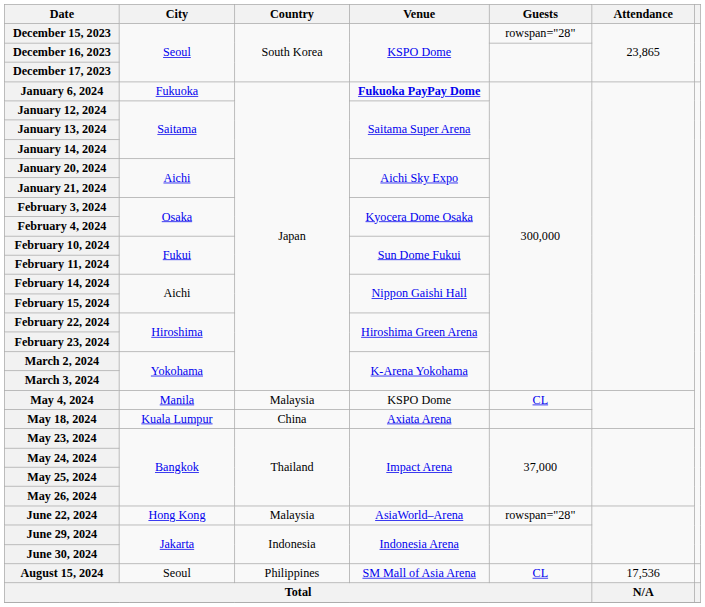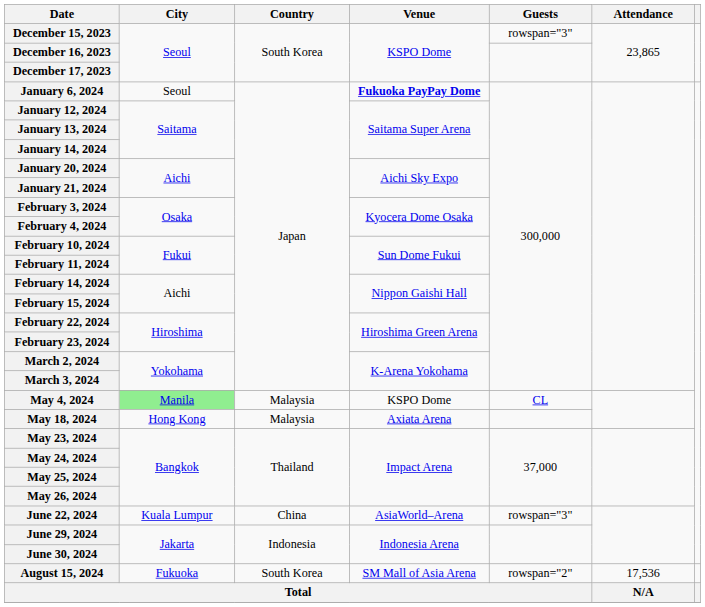 <table class="wikitable sortable plainrowheaders" style="text-align:center;">
 <tr>
 <th style="width:9em;">Date</th>
 <th style="width:9em;">City</th>
 <th style="width:9em;">Country</th>
 <th style="width:11em;">Venue</th>
 <th style="width:8em;">Guests</th>
 <th style="width:8em;">Attendance</th>
 <th scope="col" class="unsortable"></th>
 </tr>
 <tr>
 <th scope="row" style="text-align:center">December 15, 2023</th>
 <td rowspan="3"><a href='#'>Seoul</a></td>
 <td rowspan="3">South Korea</td>
 <td rowspan="3"><a href='#'>KSPO Dome</a></td>
-<td>rowspan="28" </td>
+<td>rowspan="3" </td>
 <td rowspan="3">23,865</td>
 <td rowspan="3"></td>
 </tr>
 <tr>
 <th scope="row" style="text-align:center">December 16, 2023</th>
 </tr>
 <tr>
 <th scope="row" style="text-align:center">December 17, 2023</th>
 </tr>
 <tr>
 <th scope="row" style="text-align:center">January 6, 2024</th>
-<td><a href='#'>Fukuoka</a></td>
+<td>Seoul</td>
 <td rowspan="16">Japan</td>
 <td><strong><a href='#'>Fukuoka PayPay Dome</a></strong></td>
 <td rowspan="16">300,000</td>
 <td rowspan="16"></td>
 </tr>
 <tr>
 <th scope="row" style="text-align:center">January 12, 2024</th>
 <td rowspan="3"><a href='#'>Saitama</a></td>
 <td rowspan="3"><a href='#'>Saitama Super Arena</a></td>
 </tr>
 <tr>
 <th scope="row" style="text-align:center">January 13, 2024</th>
 </tr>
 <tr>
 <th scope="row" style="text-align:center">January 14, 2024</th>
 </tr>
 <tr>
 <th scope="row" style="text-align:center">January 20, 2024</th>
 <td rowspan="2"><a href='#'>Aichi</a></td>
 <td rowspan="2"><a href='#'>Aichi Sky Expo</a></td>
 </tr>
 <tr>
 <th scope="row" style="text-align:center">January 21, 2024</th>
 </tr>
 <tr>
 <th scope="row" style="text-align:center">February 3, 2024</th>
 <td rowspan="2"><a href='#'>Osaka</a></td>
 <td rowspan="2"><a href='#'>Kyocera Dome Osaka</a></td>
 </tr>
 <tr>
 <th scope="row" style="text-align:center">February 4, 2024</th>
 </tr>
 <tr>
 <th scope="row" style="text-align:center">February 10, 2024</th>
 <td rowspan="2"><a href='#'>Fukui</a></td>
 <td rowspan="2"><a href='#'>Sun Dome Fukui</a></td>
 </tr>
 <tr>
 <th scope="row" style="text-align:center">February 11, 2024</th>
 </tr>
 <tr>
 <th scope="row" style="text-align:center">February 14, 2024</th>
 <td rowspan="2">Aichi</td>
 <td rowspan="2"><a href='#'>Nippon Gaishi Hall</a></td>
 </tr>
 <tr>
 <th scope="row" style="text-align:center">February 15, 2024</th>
 </tr>
 <tr>
 <th scope="row" style="text-align:center">February 22, 2024</th>
 <td rowspan="2"><a href='#'>Hiroshima</a></td>
 <td rowspan="2"><a href='#'>Hiroshima Green Arena</a></td>
 </tr>
 <tr>
 <th scope="row" style="text-align:center">February 23, 2024</th>
 </tr>
 <tr>
 <th scope="row" style="text-align:center">March 2, 2024</th>
 <td rowspan="2"><a href='#'>Yokohama</a></td>
 <td rowspan="2"><a href='#'>K-Arena Yokohama</a></td>
 </tr>
 <tr>
 <th scope="row" style="text-align:center">March 3, 2024</th>
 </tr>
 <tr>
 <th scope="row" style="text-align:center">May 4, 2024</th>
-<td><a href='#'>Manila</a></td>
+<td style="background: lightgreen;"><a href='#'>Manila</a></td>
 <td>Malaysia</td>
 <td>KSPO Dome</td>
 <td><a href='#'>CL</a></td>
 <td rowspan="2"></td>
 </tr>
 <tr>
 <th scope="row" style="text-align:center">May 18, 2024</th>
-<td><a href='#'>Kuala Lumpur</a></td>
-<td>China</td>
+<td><a href='#'>Hong Kong</a></td>
+<td>Malaysia</td>
 <td><a href='#'>Axiata Arena</a></td>
 </tr>
 <tr>
 <th scope="row" style="text-align:center">May 23, 2024</th>
 <td rowspan="4"><a href='#'>Bangkok</a></td>
 <td rowspan="4">Thailand</td>
 <td rowspan="4"><a href='#'>Impact Arena</a></td>
 <td rowspan="4">37,000</td>
 <td rowspan="4"></td>
 </tr>
 <tr>
 <th scope="row" style="text-align:center">May 24, 2024</th>
 </tr>
 <tr>
 <th scope="row" style="text-align:center">May 25, 2024</th>
 </tr>
 <tr>
 <th scope="row" style="text-align:center">May 26, 2024</th>
 </tr>
 <tr>
 <th scope="row" style="text-align:center">June 22, 2024</th>
-<td><a href='#'>Hong Kong</a></td>
-<td>Malaysia</td>
+<td><a href='#'>Kuala Lumpur</a></td>
+<td>China</td>
 <td><a href='#'>AsiaWorld–Arena</a></td>
-<td>rowspan="28" </td>
+<td>rowspan="3" </td>
 <td rowspan="3"></td>
 </tr>
 <tr>
 <th scope="row" style="text-align:center">June 29, 2024</th>
 <td rowspan="2"><a href='#'>Jakarta</a></td>
 <td rowspan="2">Indonesia</td>
 <td rowspan="2"><a href='#'>Indonesia Arena</a></td>
 </tr>
 <tr>
 <th scope="row" style="text-align:center">June 30, 2024</th>
 </tr>
 <tr>
 <th scope="row" style="text-align:center">August 15, 2024</th>
-<td>Seoul</td>
-<td>Philippines</td>
+<td><a href='#'>Fukuoka</a></td>
+<td>South Korea</td>
 <td><a href='#'>SM Mall of Asia Arena</a></td>
-<td><a href='#'>CL</a></td>
+<td>rowspan="2" </td>
 <td>17,536</td>
 <td></td>
 </tr>
 <tr>
 <th colspan="5">Total</th>
 <th>N/A</th>
 <th></th>
 </tr>
 <tr>
 </tr>
 </table>
